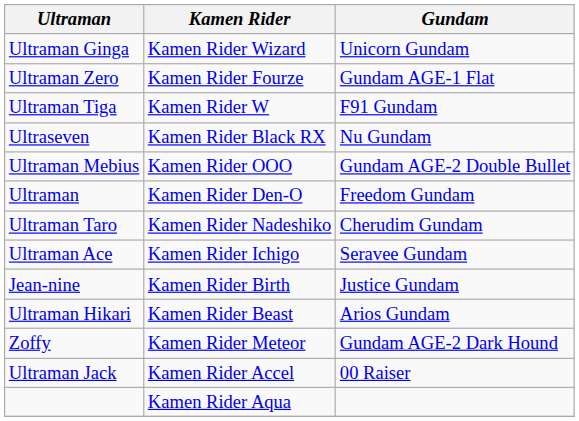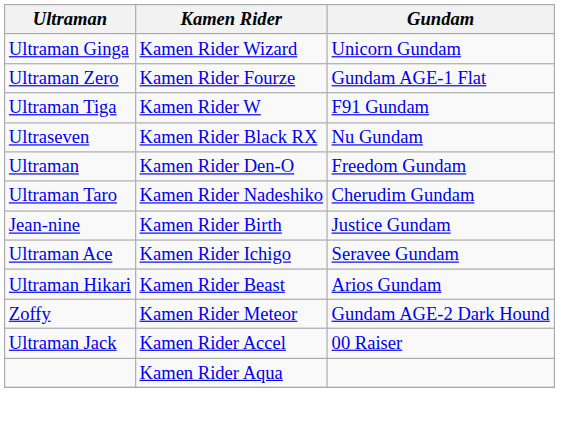 <table class="wikitable sortable">
 <tr>
 <th style="text-align:center;"><em>Ultraman</em></th>
 <th style="text-align:center;"><em>Kamen Rider</em></th>
 <th style="text-align:center;"><em>Gundam</em></th>
 </tr>
 <tr>
 <td><a href='#'>Ultraman Ginga</a></td>
 <td><a href='#'>Kamen Rider Wizard</a></td>
 <td><a href='#'>Unicorn Gundam</a></td>
 </tr>
 <tr>
 <td><a href='#'>Ultraman Zero</a></td>
 <td><a href='#'>Kamen Rider Fourze</a></td>
 <td><a href='#'>Gundam AGE-1 Flat</a></td>
 </tr>
 <tr>
 <td><a href='#'>Ultraman Tiga</a></td>
 <td><a href='#'>Kamen Rider W</a></td>
 <td><a href='#'>F91 Gundam</a></td>
 </tr>
 <tr>
 <td><a href='#'>Ultraseven</a></td>
 <td><a href='#'>Kamen Rider Black RX</a></td>
 <td><a href='#'>Nu Gundam</a></td>
 </tr>
 <tr>
-<td><a href='#'>Ultraman Mebius</a></td>
-<td><a href='#'>Kamen Rider OOO</a></td>
-<td><a href='#'>Gundam AGE-2 Double Bullet</a></td>
-</tr>
-<tr>
 <td><a href='#'>Ultraman</a></td>
 <td><a href='#'>Kamen Rider Den-O</a></td>
 <td><a href='#'>Freedom Gundam</a></td>
 </tr>
 <tr>
 <td><a href='#'>Ultraman Taro</a></td>
 <td><a href='#'>Kamen Rider Nadeshiko</a></td>
 <td><a href='#'>Cherudim Gundam</a></td>
 </tr>
 <tr>
+<td><a href='#'>Jean-nine</a></td>
+<td><a href='#'>Kamen Rider Birth</a></td>
+<td><a href='#'>Justice Gundam</a></td>
+</tr>
+<tr>
 <td><a href='#'>Ultraman Ace</a></td>
 <td><a href='#'>Kamen Rider Ichigo</a></td>
 <td><a href='#'>Seravee Gundam</a></td>
-</tr>
-<tr>
-<td><a href='#'>Jean-nine</a></td>
-<td><a href='#'>Kamen Rider Birth</a></td>
-<td><a href='#'>Justice Gundam</a></td>
 </tr>
 <tr>
 <td><a href='#'>Ultraman Hikari</a></td>
 <td><a href='#'>Kamen Rider Beast</a></td>
 <td><a href='#'>Arios Gundam</a></td>
 </tr>
 <tr>
 <td><a href='#'>Zoffy</a></td>
 <td><a href='#'>Kamen Rider Meteor</a></td>
 <td><a href='#'>Gundam AGE-2 Dark Hound</a></td>
 </tr>
 <tr>
 <td><a href='#'>Ultraman Jack</a></td>
 <td><a href='#'>Kamen Rider Accel</a></td>
 <td><a href='#'>00 Raiser</a></td>
 </tr>
 <tr>
 <td></td>
 <td><a href='#'>Kamen Rider Aqua</a></td>
 <td></td>
 </tr>
 <tr>
 </tr>
 </table>
